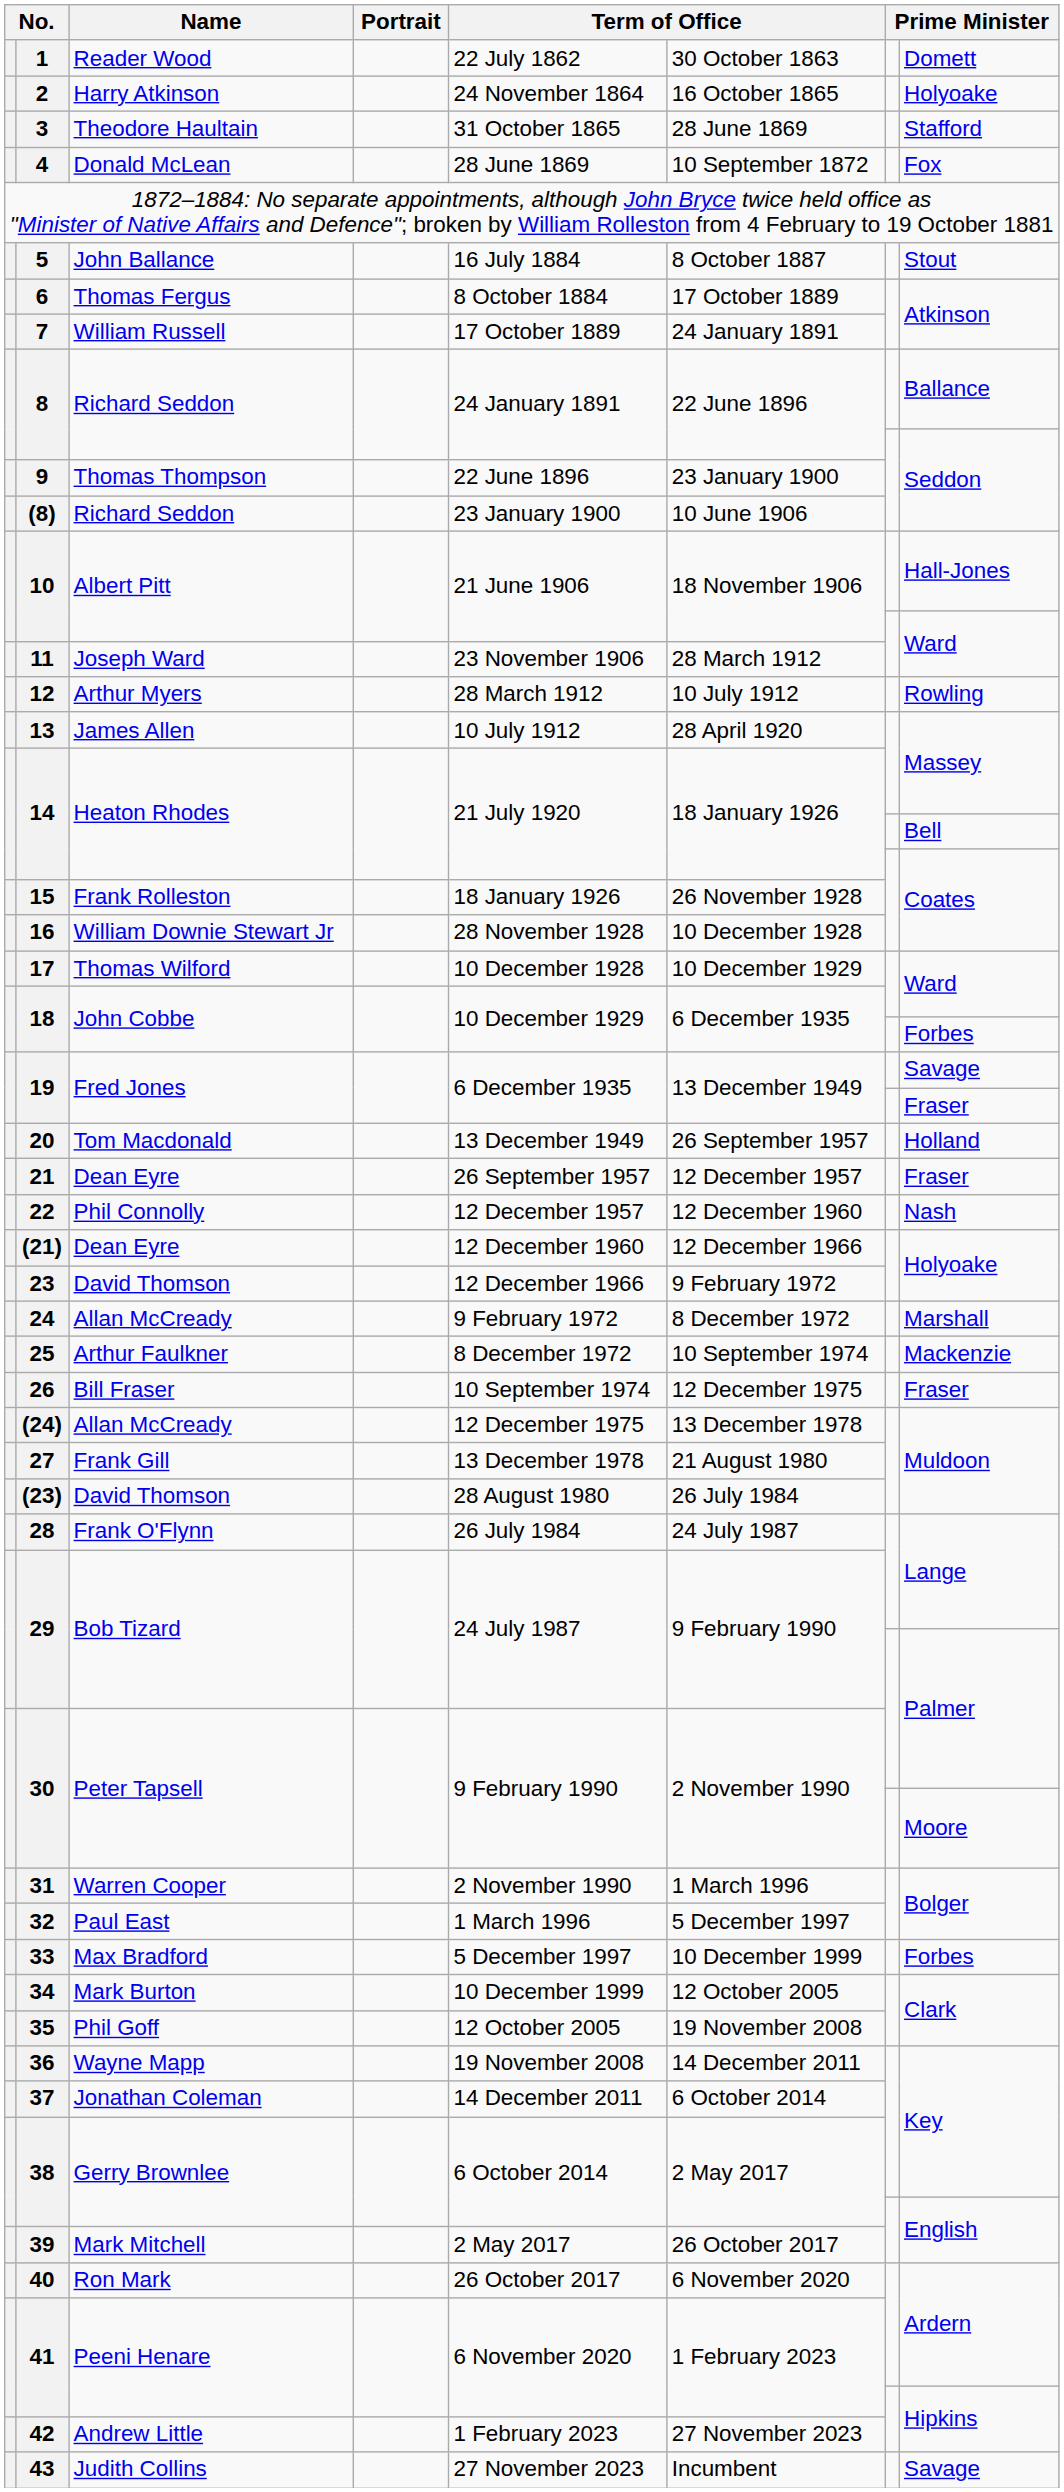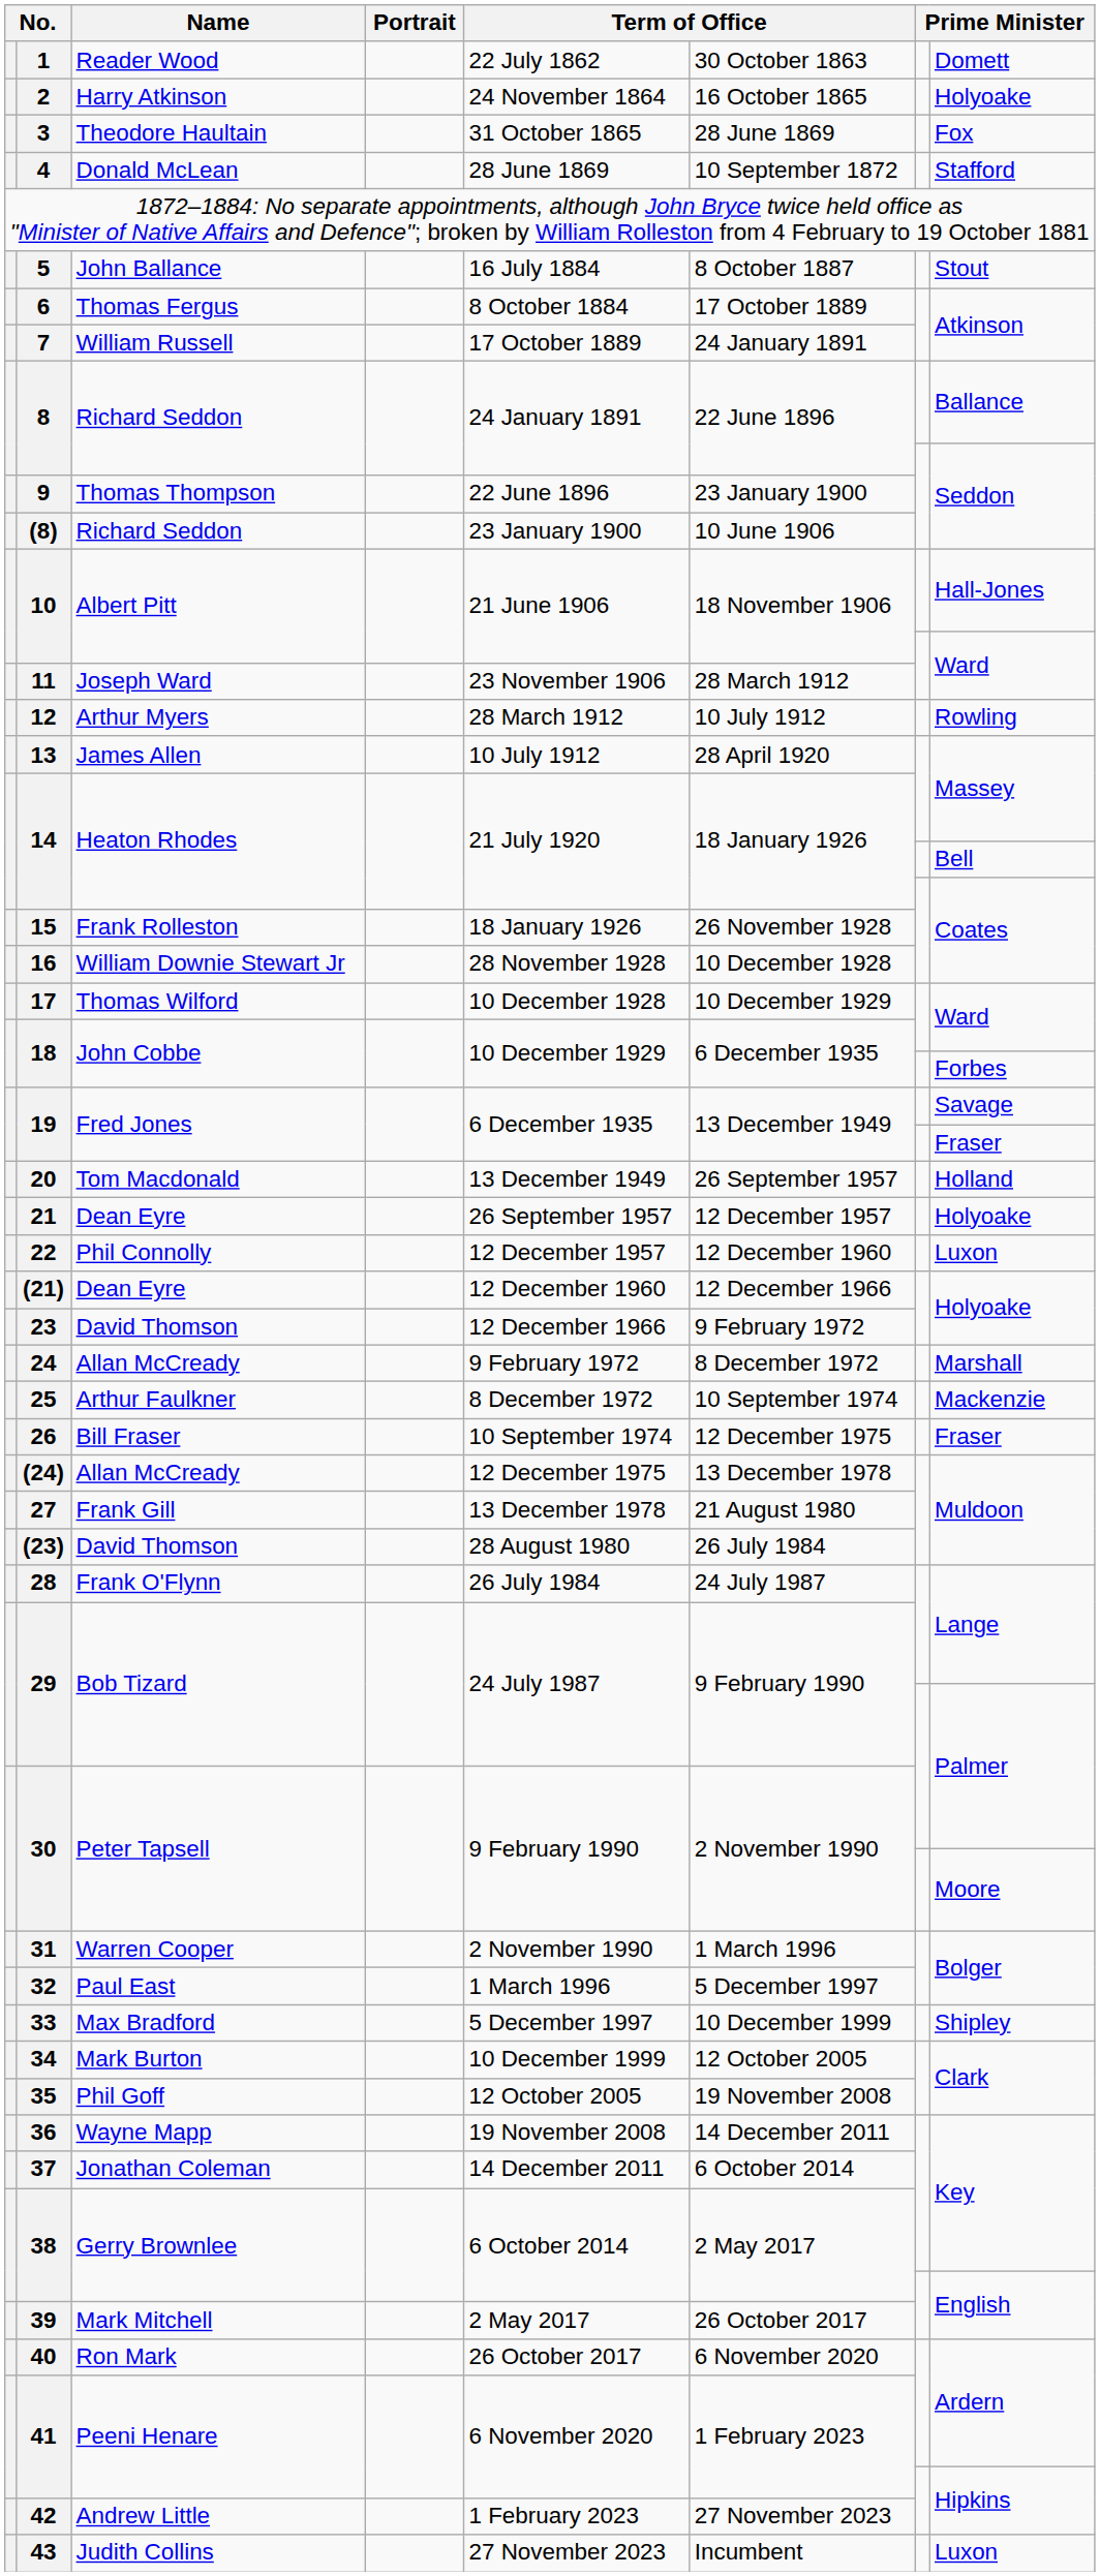 <table class="wikitable">
 <tr>
 <th colspan="2">No.</th>
 <th>Name</th>
 <th>Portrait</th>
 <th colspan="2">Term of Office</th>
 <th colspan="2">Prime Minister</th>
 </tr>
 <tr>
 <th style="color:inherit;background:"></th>
 <th>1</th>
 <td><a href='#'>Reader Wood</a></td>
 <td></td>
 <td>22 July 1862</td>
 <td>30 October 1863</td>
 <td style="color:inherit;background:"></td>
 <td><a href='#'>Domett</a></td>
 </tr>
 <tr>
 <th style="color:inherit;background:"></th>
 <th>2</th>
 <td><a href='#'>Harry Atkinson</a></td>
 <td></td>
 <td>24 November 1864</td>
 <td>16 October 1865</td>
 <td style="color:inherit;background:"></td>
 <td><a href='#'>Holyoake</a></td>
 </tr>
 <tr>
 <th style="color:inherit;background:"></th>
 <th>3</th>
 <td><a href='#'>Theodore Haultain</a></td>
 <td></td>
 <td>31 October 1865</td>
 <td>28 June 1869</td>
 <td style="color:inherit;background:"></td>
-<td><a href='#'>Stafford</a></td>
+<td><a href='#'>Fox</a></td>
 </tr>
 <tr>
 <th style="color:inherit;background:"></th>
 <th>4</th>
 <td><a href='#'>Donald McLean</a></td>
 <td></td>
 <td>28 June 1869</td>
 <td>10 September 1872</td>
 <td style="color:inherit;background:"></td>
-<td><a href='#'>Fox</a></td>
+<td><a href='#'>Stafford</a></td>
 </tr>
 <tr>
 <td colspan=8 align=center><em>1872–1884: No separate appointments, although <a href='#'>John Bryce</a> twice held office as<br>"<a href='#'>Minister of Native Affairs</a> and Defence"</em>; broken by <a href='#'>William Rolleston</a> from 4 February to 19 October 1881</td>
 </tr>
 <tr>
 <th style="color:inherit;background:"></th>
 <th>5</th>
 <td><a href='#'>John Ballance</a></td>
 <td></td>
 <td>16 July 1884</td>
 <td>8 October 1887</td>
 <td style="color:inherit;background:"></td>
 <td><a href='#'>Stout</a></td>
 </tr>
 <tr>
 <th style="color:inherit;background:"></th>
 <th>6</th>
 <td><a href='#'>Thomas Fergus</a></td>
 <td></td>
 <td>8 October 1884</td>
 <td>17 October 1889</td>
 <td rowspan="2" style="color:inherit;background:"></td>
 <td rowspan="2"><a href='#'>Atkinson</a></td>
 </tr>
 <tr>
 <th style="color:inherit;background:"></th>
 <th>7</th>
 <td><a href='#'>William Russell</a></td>
 <td></td>
 <td>17 October 1889</td>
 <td>24 January 1891</td>
 </tr>
 <tr>
 <th height=50 style="border-bottom:solid 0 grey; background:"></th>
 <th rowspan=2>8</th>
 <td rowspan=2><a href='#'>Richard Seddon</a></td>
 <td rowspan=2></td>
 <td rowspan=2>24 January 1891</td>
 <td rowspan=2>22 June 1896</td>
 <td style="color:inherit;background:"></td>
 <td><a href='#'>Ballance</a></td>
 </tr>
 <tr>
 <th height=15 style="border-top:solid 0 grey; background:"></th>
 <td style="border-bottom:solid 0 grey; background:"></td>
 <td rowspan=3><a href='#'>Seddon</a></td>
 </tr>
 <tr>
 <th style="color:inherit;background:"></th>
 <th>9</th>
 <td><a href='#'>Thomas Thompson</a></td>
 <td></td>
 <td>22 June 1896</td>
 <td>23 January 1900</td>
 <td rowspan=2 style="border-top:solid 0 grey; background:"></td>
 </tr>
 <tr>
 <th style="color:inherit;background:"></th>
 <th>(8)</th>
 <td><a href='#'>Richard Seddon</a></td>
 <td></td>
 <td>23 January 1900</td>
 <td>10 June 1906</td>
 </tr>
 <tr>
 <th height=50 style="border-bottom:solid 0 grey; background:"></th>
 <th rowspan=2>10</th>
 <td rowspan=2><a href='#'>Albert Pitt</a></td>
 <td rowspan=2></td>
 <td rowspan=2>21 June 1906</td>
 <td rowspan=2>18 November 1906</td>
 <td style="color:inherit;background:"></td>
 <td><a href='#'>Hall-Jones</a></td>
 </tr>
 <tr>
 <th height=15 style="border-top:solid 0 grey; background:"></th>
 <td style="border-bottom:solid 0 grey; background:"></td>
 <td rowspan=2><a href='#'>Ward</a></td>
 </tr>
 <tr>
 <th style="color:inherit;background:"></th>
 <th>11</th>
 <td><a href='#'>Joseph Ward</a></td>
 <td></td>
 <td>23 November 1906</td>
 <td>28 March 1912</td>
 <td style="border-top:solid 0 grey; background:"></td>
 </tr>
 <tr>
 <th style="color:inherit;background:"></th>
 <th>12</th>
 <td><a href='#'>Arthur Myers</a></td>
 <td></td>
 <td>28 March 1912</td>
 <td>10 July 1912</td>
 <td style="color:inherit;background:"></td>
 <td><a href='#'>Rowling</a></td>
 </tr>
 <tr>
 <th style="color:inherit;background:"></th>
 <th>13</th>
 <td><a href='#'>James Allen</a></td>
 <td></td>
 <td>10 July 1912</td>
 <td>28 April 1920</td>
 <td style="border-bottom:solid 0 grey; background:"></td>
 <td rowspan=2><a href='#'>Massey</a></td>
 </tr>
 <tr>
 <th rowspan=3 style="color:inherit;background:"></th>
 <th rowspan=3>14</th>
 <td rowspan=3><a href='#'>Heaton Rhodes</a></td>
 <td rowspan=3></td>
 <td rowspan=3>21 July 1920</td>
 <td rowspan=3>18 January 1926</td>
 <td height=40 style="border-top:solid 0 grey; background:"></td>
 </tr>
 <tr>
 <td height=15 style="color:inherit;background:"></td>
 <td><a href='#'>Bell</a></td>
 </tr>
 <tr>
 <td height=15 style="border-bottom:solid 0 grey; background:"></td>
 <td rowspan=3><a href='#'>Coates</a></td>
 </tr>
 <tr>
 <th style="color:inherit;background:"></th>
 <th>15</th>
 <td><a href='#'>Frank Rolleston</a></td>
 <td></td>
 <td>18 January 1926</td>
 <td>26 November 1928</td>
 <td rowspan=2 style="border-top:solid 0 grey; background:"></td>
 </tr>
 <tr>
 <th style="color:inherit;background:"></th>
 <th>16</th>
 <td><a href='#'>William Downie Stewart Jr</a></td>
 <td></td>
 <td>28 November 1928</td>
 <td>10 December 1928</td>
 </tr>
 <tr>
 <th style="color:inherit;background:"></th>
 <th>17</th>
 <td><a href='#'>Thomas Wilford</a></td>
 <td></td>
 <td>10 December 1928</td>
 <td>10 December 1929</td>
 <td rowspan="2" style="color:inherit;background:"></td>
 <td rowspan="2"><a href='#'>Ward</a></td>
 </tr>
 <tr>
 <th height=15 style="border-bottom:solid 0 grey; background:"></th>
 <th rowspan="2">18</th>
 <td rowspan="2"><a href='#'>John Cobbe</a></td>
 <td rowspan="2"></td>
 <td rowspan="2">10 December 1929</td>
 <td rowspan="2">6 December 1935</td>
 </tr>
 <tr>
 <th height=15 style="border-top:solid 0 grey; background:"></th>
 <td style="color:inherit;background:"></td>
 <td><a href='#'>Forbes</a></td>
 </tr>
 <tr>
 <th rowspan="2" style="color:inherit;background:"></th>
 <th rowspan="2">19</th>
 <td rowspan="2"><a href='#'>Fred Jones</a></td>
 <td rowspan="2"></td>
 <td rowspan="2">6 December 1935</td>
 <td rowspan="2">13 December 1949</td>
 <td style="color:inherit;background:"></td>
 <td><a href='#'>Savage</a></td>
 </tr>
 <tr>
 <td style="color:inherit;background:"></td>
 <td><a href='#'>Fraser</a></td>
 </tr>
 <tr>
 <th style="color:inherit;background:"></th>
 <th>20</th>
 <td><a href='#'>Tom Macdonald</a></td>
 <td></td>
 <td>13 December 1949</td>
 <td>26 September 1957</td>
 <td style="color:inherit;background:"></td>
 <td><a href='#'>Holland</a></td>
 </tr>
 <tr>
 <th style="color:inherit;background:"></th>
 <th>21</th>
 <td><a href='#'>Dean Eyre</a></td>
 <td></td>
 <td>26 September 1957</td>
 <td>12 December 1957</td>
 <td style="color:inherit;background:"></td>
-<td><a href='#'>Fraser</a></td>
+<td><a href='#'>Holyoake</a></td>
 </tr>
 <tr>
 <th style="color:inherit;background:"></th>
 <th>22</th>
 <td><a href='#'>Phil Connolly</a></td>
 <td></td>
 <td>12 December 1957</td>
 <td>12 December 1960</td>
 <td style="color:inherit;background:"></td>
-<td><a href='#'>Nash</a></td>
+<td><a href='#'>Luxon</a></td>
 </tr>
 <tr>
 <th style="color:inherit;background:"></th>
 <th>(21)</th>
 <td><a href='#'>Dean Eyre</a></td>
 <td></td>
 <td>12 December 1960</td>
 <td>12 December 1966</td>
 <td rowspan="2" style="color:inherit;background:"></td>
 <td rowspan="2"><a href='#'>Holyoake</a></td>
 </tr>
 <tr>
 <th style="color:inherit;background:"></th>
 <th>23</th>
 <td><a href='#'>David Thomson</a></td>
 <td></td>
 <td>12 December 1966</td>
 <td>9 February 1972</td>
 </tr>
 <tr>
 <th style="color:inherit;background:"></th>
 <th>24</th>
 <td><a href='#'>Allan McCready</a></td>
 <td></td>
 <td>9 February 1972</td>
 <td>8 December 1972</td>
 <td style="color:inherit;background:"></td>
 <td><a href='#'>Marshall</a></td>
 </tr>
 <tr>
 <th style="color:inherit;background:"></th>
 <th>25</th>
 <td><a href='#'>Arthur Faulkner</a></td>
 <td></td>
 <td>8 December 1972</td>
 <td>10 September 1974</td>
 <td style="color:inherit;background:"></td>
 <td><a href='#'>Mackenzie</a></td>
 </tr>
 <tr>
 <th style="color:inherit;background:"></th>
 <th>26</th>
 <td><a href='#'>Bill Fraser</a></td>
 <td></td>
 <td>10 September 1974</td>
 <td>12 December 1975</td>
 <td style="color:inherit;background:"></td>
 <td><a href='#'>Fraser</a></td>
 </tr>
 <tr>
 <th style="color:inherit;background:"></th>
 <th>(24)</th>
 <td><a href='#'>Allan McCready</a></td>
 <td></td>
 <td>12 December 1975</td>
 <td>13 December 1978</td>
 <td rowspan="3" style="color:inherit;background:"></td>
 <td rowspan="3"><a href='#'>Muldoon</a></td>
 </tr>
 <tr>
 <th style="color:inherit;background:"></th>
 <th>27</th>
 <td><a href='#'>Frank Gill</a></td>
 <td></td>
 <td>13 December 1978</td>
 <td>21 August 1980</td>
 </tr>
 <tr>
 <th style="color:inherit;background:"></th>
 <th>(23)</th>
 <td><a href='#'>David Thomson</a></td>
 <td></td>
 <td>28 August 1980</td>
 <td>26 July 1984</td>
 </tr>
 <tr>
 <th style="color:inherit;background:"></th>
 <th>28</th>
 <td><a href='#'>Frank O'Flynn</a></td>
 <td></td>
 <td>26 July 1984</td>
 <td>24 July 1987</td>
 <td rowspan=2 style="color:inherit;background:"></td>
 <td rowspan=2><a href='#'>Lange</a></td>
 </tr>
 <tr>
 <th height=50 style="border-bottom:solid 0 grey; background:"></th>
 <th rowspan=2>29</th>
 <td rowspan=2><a href='#'>Bob Tizard</a></td>
 <td rowspan=2></td>
 <td rowspan=2>24 July 1987</td>
 <td rowspan=2>9 February 1990</td>
 </tr>
 <tr>
 <th height=50 style="border-top:solid 0 grey; background:"></th>
 <td rowspan=2 style="color:inherit;background:"></td>
 <td rowspan=2><a href='#'>Palmer</a></td>
 </tr>
 <tr>
 <th height=50 style="border-bottom:solid 0 grey; background:"></th>
 <th rowspan=2>30</th>
 <td rowspan=2><a href='#'>Peter Tapsell</a></td>
 <td rowspan=2></td>
 <td rowspan=2>9 February 1990</td>
 <td rowspan=2>2 November 1990</td>
 </tr>
 <tr>
 <th height=50 style="border-top:solid 0 grey; background:"></th>
 <td style="color:inherit;background:"></td>
 <td><a href='#'>Moore</a></td>
 </tr>
 <tr>
 <th style="color:inherit;background:"></th>
 <th>31</th>
 <td><a href='#'>Warren Cooper</a></td>
 <td></td>
 <td>2 November 1990</td>
 <td>1 March 1996</td>
 <td rowspan="2" style="color:inherit;background:"></td>
 <td rowspan="2"><a href='#'>Bolger</a></td>
 </tr>
 <tr>
 <th style="color:inherit;background:"></th>
 <th>32</th>
 <td><a href='#'>Paul East</a></td>
 <td></td>
 <td>1 March 1996</td>
 <td>5 December 1997</td>
 </tr>
 <tr>
 <th style="color:inherit;background:"></th>
 <th>33</th>
 <td><a href='#'>Max Bradford</a></td>
 <td></td>
 <td>5 December 1997</td>
 <td>10 December 1999</td>
 <td style="color:inherit;background:"></td>
-<td><a href='#'>Forbes</a></td>
+<td><a href='#'>Shipley</a></td>
 </tr>
 <tr>
 <th style="color:inherit;background:"></th>
 <th>34</th>
 <td><a href='#'>Mark Burton</a></td>
 <td></td>
 <td>10 December 1999</td>
 <td>12 October 2005</td>
 <td rowspan="2" style="color:inherit;background:"></td>
 <td rowspan="2"><a href='#'>Clark</a></td>
 </tr>
 <tr>
 <th style="color:inherit;background:"></th>
 <th>35</th>
 <td><a href='#'>Phil Goff</a></td>
 <td></td>
 <td>12 October 2005</td>
 <td>19 November 2008</td>
 </tr>
 <tr>
 <th style="color:inherit;background:"></th>
 <th>36</th>
 <td><a href='#'>Wayne Mapp</a></td>
 <td></td>
 <td>19 November 2008</td>
 <td>14 December 2011</td>
 <td rowspan="3" style="color:inherit;background:"></td>
 <td rowspan="3"><a href='#'>Key</a></td>
 </tr>
 <tr>
 <th style="color:inherit;background:"></th>
 <th>37</th>
 <td><a href='#'>Jonathan Coleman</a></td>
 <td></td>
 <td>14 December 2011</td>
 <td>6 October 2014</td>
 </tr>
 <tr>
 <th height=50 style="border-bottom:solid 0 grey; background:"></th>
 <th rowspan="2">38</th>
 <td rowspan="2"><a href='#'>Gerry Brownlee</a></td>
 <td rowspan="2"></td>
 <td rowspan="2">6 October 2014</td>
 <td rowspan="2">2 May 2017</td>
 </tr>
 <tr>
 <th height=15 style="border-top:solid 0 grey; background:"></th>
 <td rowspan="2" style="color:inherit;background:"></td>
 <td rowspan="2"><a href='#'>English</a></td>
 </tr>
 <tr>
 <th style="color:inherit;background:"></th>
 <th>39</th>
 <td><a href='#'>Mark Mitchell</a></td>
 <td></td>
 <td>2 May 2017</td>
 <td>26 October 2017</td>
 </tr>
 <tr>
 <th style="color:inherit;background:"></th>
 <th>40</th>
 <td><a href='#'>Ron Mark</a></td>
 <td></td>
 <td>26 October 2017</td>
 <td>6 November 2020</td>
 <td rowspan=2 height=15 style="border-top:solid 0 gray; background:"></td>
 <td rowspan=2><a href='#'>Ardern</a></td>
 </tr>
 <tr>
 <th height=56 style="border-bottom:solid 0 grey; background:"></th>
 <th rowspan=2>41</th>
 <td rowspan=2><a href='#'>Peeni Henare</a></td>
 <td rowspan=2></td>
 <td rowspan=2>6 November 2020</td>
 <td rowspan=2>1 February 2023</td>
 </tr>
 <tr>
 <th height=15 style="border-top:solid 0 grey; background:"></th>
 <td rowspan=2 style="color:inherit;background:"></td>
 <td rowspan=2><a href='#'>Hipkins</a></td>
 </tr>
 <tr>
 <th style="color:inherit;background:"></th>
 <th>42</th>
 <td><a href='#'>Andrew Little</a></td>
 <td></td>
 <td>1 February 2023</td>
 <td>27 November 2023</td>
 </tr>
 <tr>
 <th style="color:inherit;background:"></th>
 <th>43</th>
 <td><a href='#'>Judith Collins</a></td>
 <td></td>
 <td>27 November 2023</td>
 <td>Incumbent</td>
 <td style="color:inherit;background:"></td>
-<td><a href='#'>Savage</a></td>
+<td><a href='#'>Luxon</a></td>
 </tr>
 </table>
